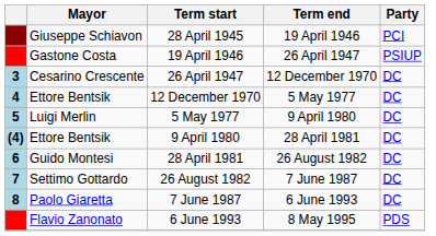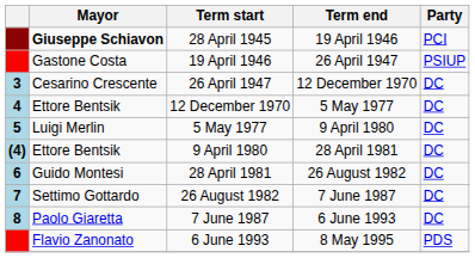 <table class="wikitable">
 <tr>
 <th class=unsortable> </th>
 <th>Mayor</th>
 <th>Term start</th>
 <th>Term end</th>
 <th>Party</th>
 </tr>
 <tr>
 <th style="background:#8B0000;"></th>
-<td>Giuseppe Schiavon</td>
+<td><strong>Giuseppe Schiavon</strong></td>
 <td align=center>28 April 1945</td>
 <td align=center>19 April 1946</td>
 <td><a href='#'>PCI</a></td>
 </tr>
 <tr>
 <th style="background:red;"></th>
 <td>Gastone Costa</td>
 <td align=center>19 April 1946</td>
 <td align=center>26 April 1947</td>
 <td><a href='#'>PSIUP</a></td>
 </tr>
 <tr>
 <th style="background:#ADD8E6;">3</th>
 <td>Cesarino Crescente</td>
 <td align=center>26 April 1947</td>
 <td align=center>12 December 1970</td>
 <td><a href='#'>DC</a></td>
 </tr>
 <tr>
 <th style="background:#ADD8E6;">4</th>
 <td>Ettore Bentsik</td>
 <td align=center>12 December 1970</td>
 <td align=center>5 May 1977</td>
 <td><a href='#'>DC</a></td>
 </tr>
 <tr>
 <th style="background:#ADD8E6;">5</th>
 <td>Luigi Merlin</td>
 <td align=center>5 May 1977</td>
 <td align=center>9 April 1980</td>
 <td><a href='#'>DC</a></td>
 </tr>
 <tr>
 <th style="background:#ADD8E6;">(4)</th>
 <td>Ettore Bentsik</td>
 <td align=center>9 April 1980</td>
 <td align=center>28 April 1981</td>
 <td><a href='#'>DC</a></td>
 </tr>
 <tr>
 <th style="background:#ADD8E6;">6</th>
 <td>Guido Montesi</td>
 <td align=center>28 April 1981</td>
 <td align=center>26 August 1982</td>
 <td><a href='#'>DC</a></td>
 </tr>
 <tr>
 <th style="background:#ADD8E6;">7</th>
 <td>Settimo Gottardo</td>
 <td align=center>26 August 1982</td>
 <td align=center>7 June 1987</td>
 <td><a href='#'>DC</a></td>
 </tr>
 <tr>
 <th style="background:#ADD8E6;">8</th>
 <td><a href='#'>Paolo Giaretta</a></td>
 <td align=center>7 June 1987</td>
 <td align=center>6 June 1993</td>
 <td><a href='#'>DC</a></td>
 </tr>
 <tr>
 <th style="background:#FF0000;"></th>
 <td><a href='#'>Flavio Zanonato</a></td>
 <td align=center>6 June 1993</td>
 <td align=center>8 May 1995</td>
 <td><a href='#'>PDS</a></td>
 </tr>
 <tr>
 </tr>
 </table>
